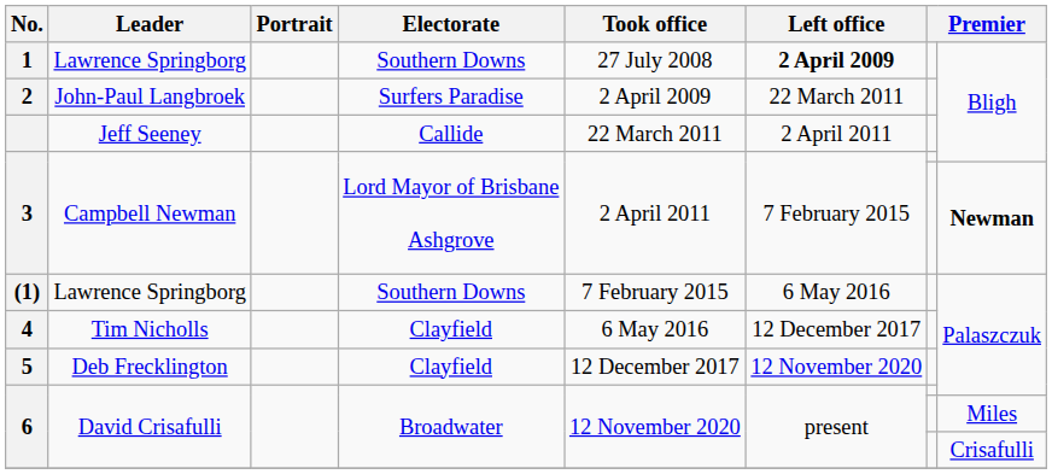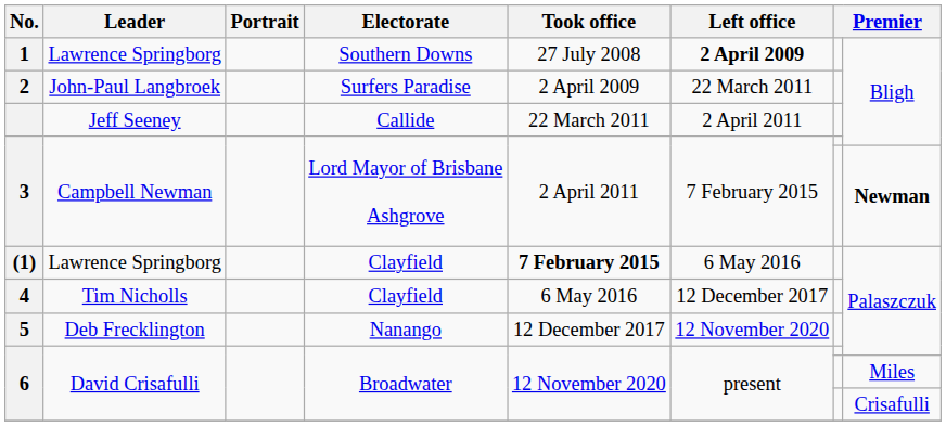 <table class="wikitable" style="text-align:center; font-size:95%">
 <tr>
 <th>No.</th>
 <th>Leader</th>
 <th>Portrait</th>
 <th>Electorate</th>
 <th>Took office</th>
 <th>Left office</th>
 <th colspan="2"><a href='#'>Premier</a> <br></th>
 </tr>
 <tr>
 <th>1</th>
 <td><a href='#'>Lawrence Springborg</a></td>
 <td></td>
 <td><a href='#'>Southern Downs</a></td>
 <td>27 July 2008</td>
 <td><strong>2 April 2009</strong></td>
 <td style="background-color: "></td>
 <td rowspan="4" style="font-weight:normal"><a href='#'>Bligh</a> <br><small></small></td>
 </tr>
 <tr>
 <th>2</th>
 <td><a href='#'>John-Paul Langbroek</a></td>
 <td></td>
 <td><a href='#'>Surfers Paradise</a></td>
 <td>2 April 2009</td>
 <td>22 March 2011</td>
 <td style="background-color: "></td>
 </tr>
 <tr>
 <th></th>
 <td><a href='#'>Jeff Seeney</a></td>
 <td></td>
 <td><a href='#'>Callide</a></td>
 <td>22 March 2011</td>
 <td>2 April 2011</td>
 <td style="background-color: "></td>
 </tr>
 <tr>
 <th rowspan=2>3</th>
 <td rowspan=2><a href='#'>Campbell Newman</a></td>
 <td rowspan=2></td>
 <td rowspan=2><a href='#'>Lord Mayor of Brisbane</a><br><br><a href='#'>Ashgrove</a><br></td>
 <td rowspan=2>2 April 2011</td>
 <td rowspan=2>7 February 2015</td>
 <td style="background-color: "></td>
 </tr>
 <tr>
 <td height=70 style="background-color: "></td>
 <td style="font-weight:normal"><strong>Newman</strong> <br><small></small></td>
 </tr>
 <tr>
 <th>(1)</th>
 <td>Lawrence Springborg</td>
 <td></td>
-<td><a href='#'>Southern Downs</a></td>
-<td>7 February 2015</td>
+<td><a href='#'>Clayfield</a></td>
+<td><strong>7 February 2015</strong></td>
 <td>6 May 2016</td>
 <td style="background-color: "></td>
 <td rowspan="4" style="font-weight:normal"><a href='#'>Palaszczuk</a><br><small></small></td>
 </tr>
 <tr>
 <th>4</th>
 <td><a href='#'>Tim Nicholls</a></td>
 <td></td>
 <td><a href='#'>Clayfield</a></td>
 <td>6 May 2016</td>
 <td>12 December 2017</td>
 <td style="background-color: "></td>
 </tr>
 <tr>
 <th>5</th>
 <td><a href='#'>Deb Frecklington</a></td>
 <td></td>
-<td><a href='#'>Clayfield</a></td>
+<td><a href='#'>Nanango</a></td>
 <td>12 December 2017</td>
 <td><a href='#'>12 November 2020</a></td>
 <td style="background-color: "></td>
 </tr>
 <tr>
 <th rowspan="3">6</th>
 <td rowspan="3"><a href='#'>David Crisafulli</a></td>
 <td rowspan="3"></td>
 <td rowspan="3"><a href='#'>Broadwater</a></td>
 <td rowspan="3"><a href='#'>12 November 2020</a><br></td>
 <td rowspan="3">present</td>
 <td style="background-color: "></td>
 </tr>
 <tr>
 <td style="background-color: "></td>
 <td><a href='#'>Miles</a><br><small></small></td>
 </tr>
 <tr>
 <td style="background-color: "></td>
 <td><a href='#'>Crisafulli</a><br><small></small></td>
 </tr>
 <tr>
 </tr>
 </table>
